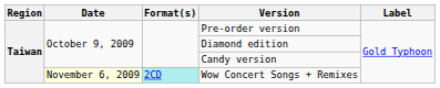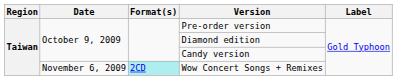 <table class="wikitable plainrowheaders">
 <tr>
 <th>Region</th>
 <th>Date</th>
 <th>Format(s)</th>
 <th>Version</th>
 <th>Label</th>
 </tr>
 <tr>
 <th scope="row" rowspan="4">Taiwan</th>
 <td rowspan="3">October 9, 2009</td>
 <td rowspan="3"></td>
 <td>Pre-order version</td>
 <td rowspan="4"><a href='#'>Gold Typhoon</a></td>
 </tr>
 <tr>
 <td>Diamond edition</td>
 </tr>
 <tr>
 <td>Candy version</td>
 </tr>
 <tr>
-<td style="background: lightyellow;">November 6, 2009</td>
+<td>November 6, 2009</td>
 <td style="background: paleturquoise;"><a href='#'>2CD</a></td>
 <td>Wow Concert Songs + Remixes</td>
 </tr>
 </table>
